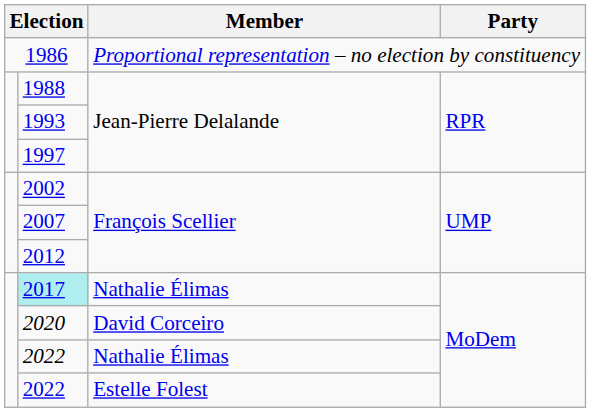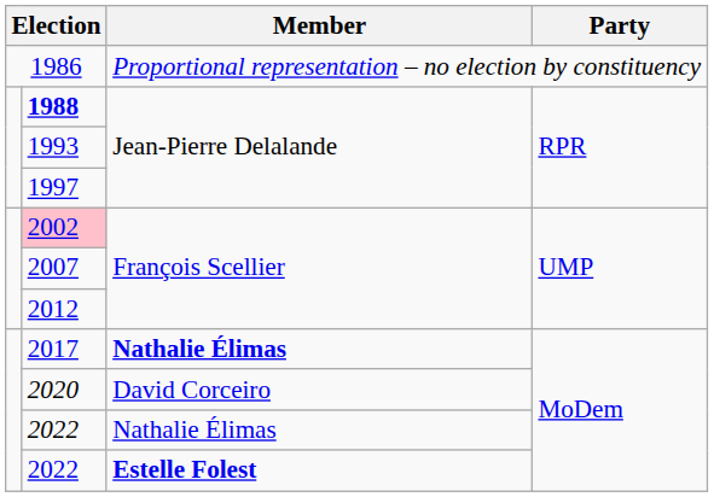 <table class="wikitable">
 <tr>
 <th colspan="2">Election</th>
 <th>Member</th>
 <th>Party</th>
 </tr>
 <tr>
 <td colspan="2" align="center"><a href='#'>1986</a></td>
 <td colspan="2"><em><a href='#'>Proportional representation</a> – no election by constituency</em></td>
 </tr>
 <tr>
 <td rowspan="3" style="color:inherit;background-color: "></td>
-<td><a href='#'>1988</a></td>
+<td><strong><a href='#'>1988</a></strong></td>
 <td rowspan="3">Jean-Pierre Delalande</td>
 <td rowspan="3"><a href='#'>RPR</a></td>
 </tr>
 <tr>
 <td><a href='#'>1993</a></td>
 </tr>
 <tr>
 <td><a href='#'>1997</a></td>
 </tr>
 <tr>
 <td rowspan="3" style="color:inherit;background-color: "></td>
-<td><a href='#'>2002</a></td>
+<td style="background: pink;"><a href='#'>2002</a></td>
 <td rowspan="3"><a href='#'>François Scellier</a></td>
 <td rowspan="3"><a href='#'>UMP</a></td>
 </tr>
 <tr>
 <td><a href='#'>2007</a></td>
 </tr>
 <tr>
 <td><a href='#'>2012</a></td>
 </tr>
 <tr>
 <td rowspan="4" style="color:inherit;background-color: "></td>
-<td style="background: paleturquoise;"><a href='#'>2017</a></td>
-<td><a href='#'>Nathalie Élimas</a></td>
+<td><a href='#'>2017</a></td>
+<td><strong><a href='#'>Nathalie Élimas</a></strong></td>
 <td rowspan="4"><a href='#'>MoDem</a></td>
 </tr>
 <tr>
 <td><em>2020</em></td>
 <td><a href='#'>David Corceiro</a></td>
 </tr>
 <tr>
 <td><em>2022</em></td>
 <td><a href='#'>Nathalie Élimas</a></td>
 </tr>
 <tr>
 <td><a href='#'>2022</a></td>
-<td><a href='#'>Estelle Folest</a></td>
+<td><strong><a href='#'>Estelle Folest</a></strong></td>
 </tr>
 </table>
